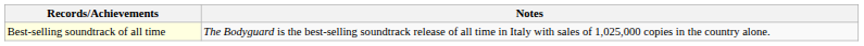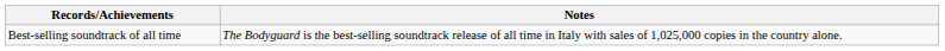 <table class="wikitable sortable plainrowheaders">
 <tr>
 <th scope="col" width=20%>Records/Achievements</th>
 <th scope="col" width=67%>Notes</th>
 </tr>
 <tr>
-<td style="background: lightyellow;">Best-selling soundtrack of all time</td>
+<td>Best-selling soundtrack of all time</td>
 <td><em>The Bodyguard</em> is the best-selling soundtrack release of all time in Italy with sales of 1,025,000 copies in the country alone.</td>
 </tr>
 </table>
